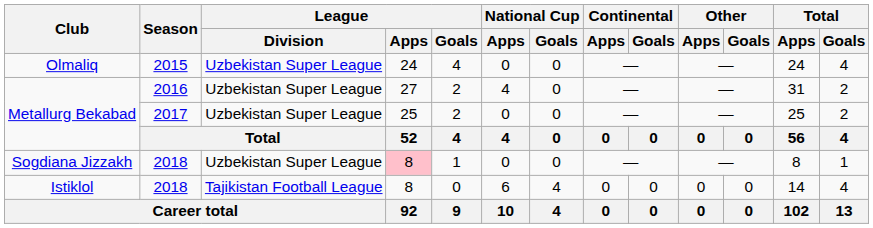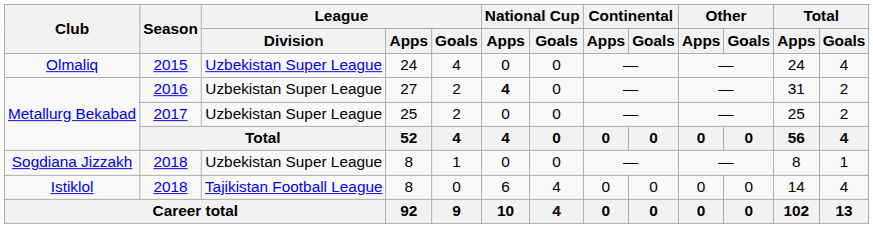 <table class="wikitable" style="text-align: center">
 <tr>
 <th rowspan="2">Club</th>
 <th rowspan="2">Season</th>
 <th colspan="3">League</th>
 <th colspan="2">National Cup</th>
 <th colspan="2">Continental</th>
 <th colspan="2">Other</th>
 <th colspan="2">Total</th>
 </tr>
 <tr>
 <th>Division</th>
 <th>Apps</th>
 <th>Goals</th>
 <th>Apps</th>
 <th>Goals</th>
 <th>Apps</th>
 <th>Goals</th>
 <th>Apps</th>
 <th>Goals</th>
 <th>Apps</th>
 <th>Goals</th>
 </tr>
 <tr>
 <td><a href='#'>Olmaliq</a></td>
 <td><a href='#'>2015</a></td>
 <td><a href='#'>Uzbekistan Super League</a></td>
 <td>24</td>
 <td>4</td>
 <td>0</td>
 <td>0</td>
 <td colspan="2">—</td>
 <td colspan="2">—</td>
 <td>24</td>
 <td>4</td>
 </tr>
 <tr>
 <td rowspan="3"><a href='#'>Metallurg Bekabad</a></td>
 <td><a href='#'>2016</a></td>
 <td>Uzbekistan Super League</td>
 <td>27</td>
 <td>2</td>
-<td>4</td>
+<td><strong>4</strong></td>
 <td>0</td>
 <td colspan="2">—</td>
 <td colspan="2">—</td>
 <td>31</td>
 <td>2</td>
 </tr>
 <tr>
 <td><a href='#'>2017</a></td>
 <td>Uzbekistan Super League</td>
 <td>25</td>
 <td>2</td>
 <td>0</td>
 <td>0</td>
 <td colspan="2">—</td>
 <td colspan="2">—</td>
 <td>25</td>
 <td>2</td>
 </tr>
 <tr>
 <th colspan="2">Total</th>
 <th>52</th>
 <th>4</th>
 <th>4</th>
 <th>0</th>
 <th>0</th>
 <th>0</th>
 <th>0</th>
 <th>0</th>
 <th>56</th>
 <th>4</th>
 </tr>
 <tr>
 <td><a href='#'>Sogdiana Jizzakh</a></td>
 <td><a href='#'>2018</a></td>
 <td>Uzbekistan Super League</td>
-<td style="background: pink;">8</td>
+<td>8</td>
 <td>1</td>
 <td>0</td>
 <td>0</td>
 <td colspan="2">—</td>
 <td colspan="2">—</td>
 <td>8</td>
 <td>1</td>
 </tr>
 <tr>
 <td><a href='#'>Istiklol</a></td>
 <td><a href='#'>2018</a></td>
 <td><a href='#'>Tajikistan Football League</a></td>
 <td>8</td>
 <td>0</td>
 <td>6</td>
 <td>4</td>
 <td>0</td>
 <td>0</td>
 <td>0</td>
 <td>0</td>
 <td>14</td>
 <td>4</td>
 </tr>
 <tr>
 <th colspan="3">Career total</th>
 <th>92</th>
 <th>9</th>
 <th>10</th>
 <th>4</th>
 <th>0</th>
 <th>0</th>
 <th>0</th>
 <th>0</th>
 <th>102</th>
 <th>13</th>
 </tr>
 </table>
